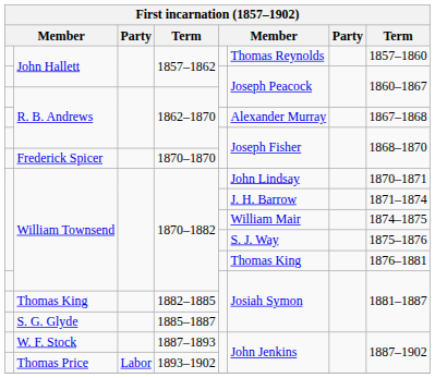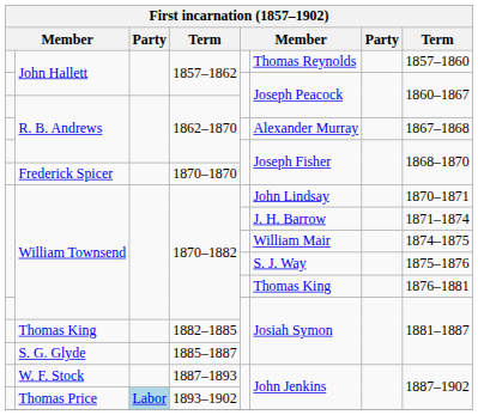 <table class="wikitable">
 <tr>
 <th colspan=8>First incarnation (1857–1902)</th>
 </tr>
 <tr>
 <th colspan=2>Member</th>
 <th>Party</th>
 <th>Term</th>
 <th colspan=2>Member</th>
 <th>Party</th>
 <th>Term</th>
 </tr>
 <tr>
 <td> </td>
 <td rowspan=2><a href='#'>John Hallett</a></td>
 <td rowspan=2></td>
 <td rowspan=2>1857–1862</td>
 <td> </td>
 <td><a href='#'>Thomas Reynolds</a></td>
 <td></td>
 <td>1857–1860</td>
 </tr>
 <tr>
 <td> </td>
 <td rowspan=2 > </td>
 <td rowspan=2><a href='#'>Joseph Peacock</a></td>
 <td rowspan=2></td>
 <td rowspan=2>1860–1867</td>
 </tr>
 <tr>
 <td> </td>
 <td rowspan=3><a href='#'>R. B. Andrews</a></td>
 <td rowspan=3></td>
 <td rowspan=3>1862–1870</td>
 </tr>
 <tr>
 <td> </td>
 <td> </td>
 <td><a href='#'>Alexander Murray</a></td>
 <td></td>
 <td>1867–1868</td>
 </tr>
 <tr>
 <td> </td>
 <td rowspan=2 > </td>
 <td rowspan=2><a href='#'>Joseph Fisher</a></td>
 <td rowspan=2></td>
 <td rowspan=2>1868–1870</td>
 </tr>
 <tr>
 <td> </td>
 <td><a href='#'>Frederick Spicer</a></td>
 <td></td>
 <td>1870–1870</td>
 </tr>
 <tr>
 <td rowspan=5 > </td>
 <td rowspan=6><a href='#'>William Townsend</a></td>
 <td rowspan=6></td>
 <td rowspan=6>1870–1882</td>
 <td> </td>
 <td><a href='#'>John Lindsay</a></td>
 <td></td>
 <td>1870–1871</td>
 </tr>
 <tr>
 <td> </td>
 <td><a href='#'>J. H. Barrow</a></td>
 <td></td>
 <td>1871–1874</td>
 </tr>
 <tr>
 <td> </td>
 <td><a href='#'>William Mair</a></td>
 <td></td>
 <td>1874–1875</td>
 </tr>
 <tr>
 <td> </td>
 <td><a href='#'>S. J. Way</a></td>
 <td></td>
 <td>1875–1876</td>
 </tr>
 <tr>
 <td> </td>
 <td><a href='#'>Thomas King</a></td>
 <td></td>
 <td>1876–1881</td>
 </tr>
 <tr>
 <td> </td>
 <td rowspan=3 > </td>
 <td rowspan=3><a href='#'>Josiah Symon</a></td>
 <td rowspan=3></td>
 <td rowspan=3>1881–1887</td>
 </tr>
 <tr>
 <td> </td>
 <td><a href='#'>Thomas King</a></td>
 <td></td>
 <td>1882–1885</td>
 </tr>
 <tr>
 <td> </td>
 <td><a href='#'>S. G. Glyde</a></td>
 <td></td>
 <td>1885–1887</td>
 </tr>
 <tr>
 <td> </td>
 <td><a href='#'>W. F. Stock</a></td>
 <td></td>
 <td>1887–1893</td>
 <td rowspan=2 > </td>
 <td rowspan=2><a href='#'>John Jenkins</a></td>
 <td rowspan=2></td>
 <td rowspan=2>1887–1902</td>
 </tr>
 <tr>
 <td> </td>
 <td><a href='#'>Thomas Price</a></td>
-<td><a href='#'>Labor</a></td>
+<td style="background: lightblue;"><a href='#'>Labor</a></td>
 <td>1893–1902</td>
 </tr>
 <tr>
 </tr>
 </table>
